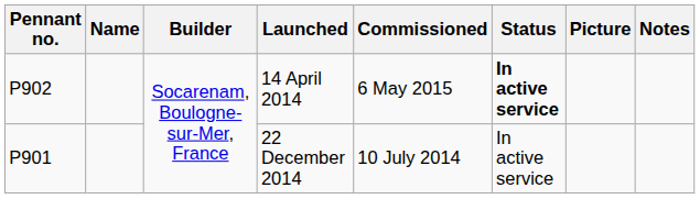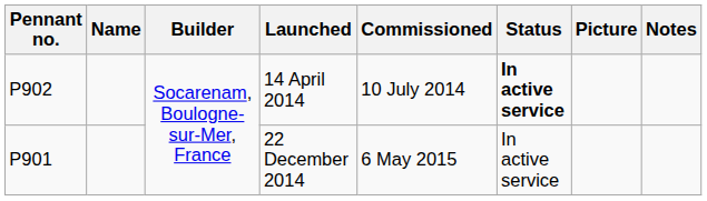 <table class="wikitable">
 <tr>
 <th scope="col">Pennant no.</th>
 <th scope="col">Name</th>
 <th scope="col">Builder</th>
 <th scope="col">Launched</th>
 <th scope="col">Commissioned</th>
 <th scope="col">Status</th>
 <th scope="col">Picture</th>
 <th scope="col">Notes</th>
 </tr>
 <tr>
 <td scope="row">P902</td>
 <td></td>
 <td rowspan=2 align=center><a href='#'>Socarenam</a>, <a href='#'>Boulogne-sur-Mer</a>, <a href='#'>France</a></td>
 <td>14 April 2014</td>
-<td>6 May 2015</td>
+<td>10 July 2014</td>
 <td><strong>In active service</strong></td>
 <td></td>
 <td></td>
 </tr>
 <tr>
 <td scope="row">P901</td>
 <td></td>
 <td>22 December 2014</td>
-<td>10 July 2014</td>
+<td>6 May 2015</td>
 <td>In active service</td>
 <td></td>
 <td></td>
 </tr>
 </table>
